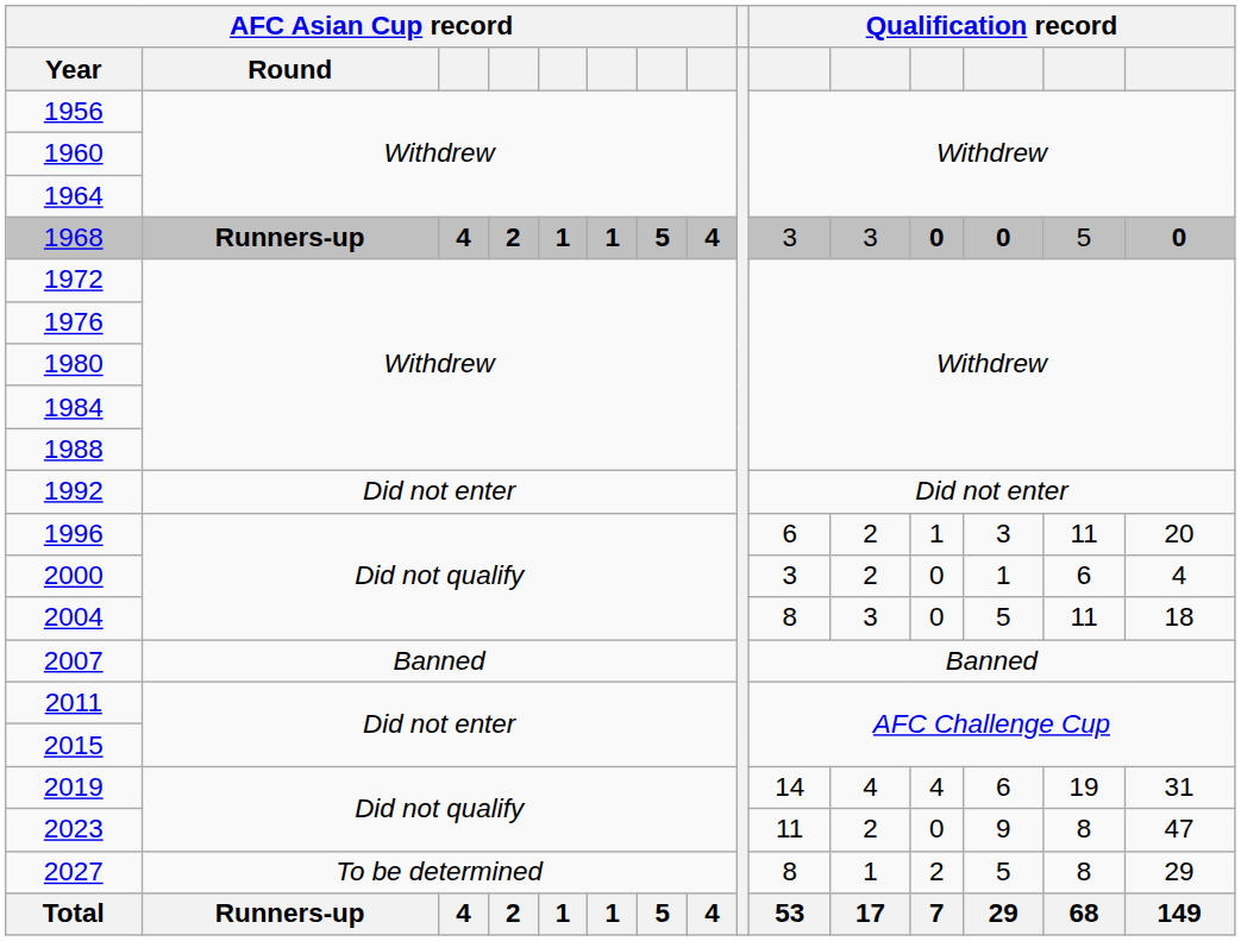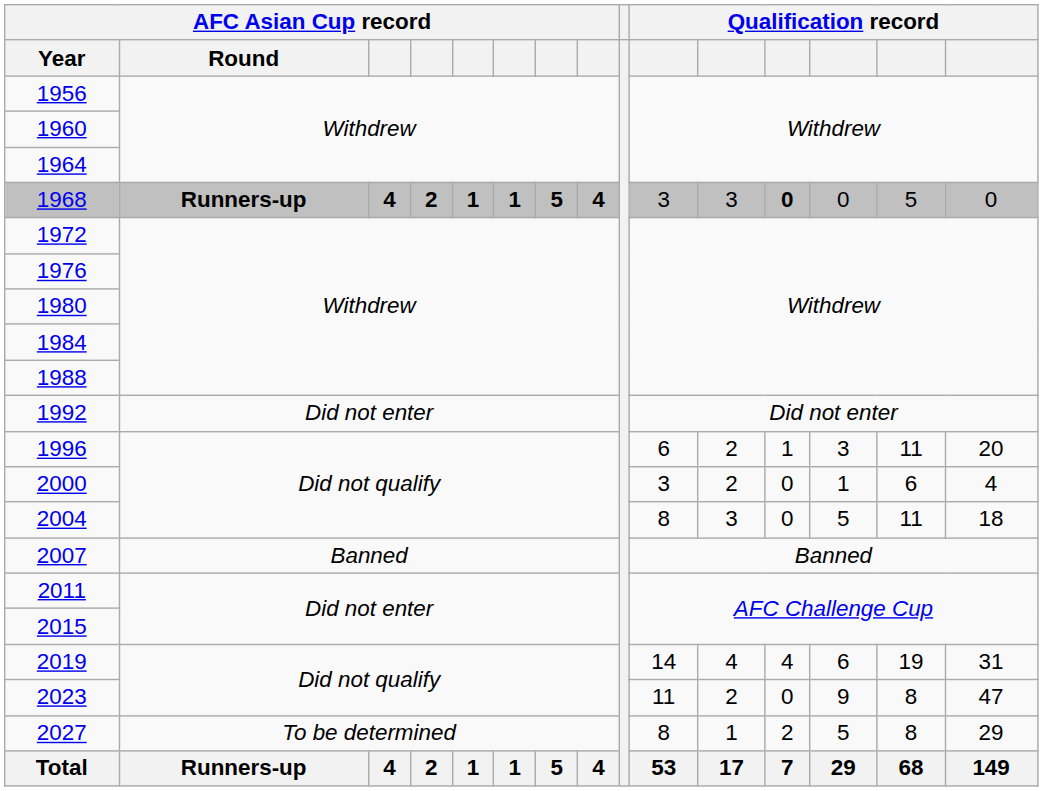 <table class="wikitable" style="text-align: center;font-size:100%;">
 <tr>
 <th colspan=8><a href='#'>AFC Asian Cup</a> record</th>
 <th></th>
 <th colspan="6"><a href='#'>Qualification</a> record</th>
 </tr>
 <tr>
 <th>Year</th>
 <th>Round</th>
 <th></th>
 <th></th>
 <th></th>
 <th></th>
 <th></th>
 <th></th>
 <th style="width:1%;" rowspan="21"></th>
 <th></th>
 <th></th>
 <th></th>
 <th></th>
 <th></th>
 <th></th>
 </tr>
 <tr>
 <td> <a href='#'>1956</a></td>
 <td rowspan="3" colspan="7"><em>Withdrew</em></td>
 <td rowspan="3" colspan="6"><em>Withdrew</em></td>
 </tr>
 <tr>
 <td> <a href='#'>1960</a></td>
 </tr>
 <tr>
 <td> <a href='#'>1964</a></td>
 </tr>
 <tr style="background:Silver;">
 <td> <a href='#'>1968</a></td>
 <td><strong>Runners-up</strong></td>
 <td><strong>4</strong></td>
 <td><strong>2</strong></td>
 <td><strong>1</strong></td>
 <td><strong>1</strong></td>
 <td><strong>5</strong></td>
 <td><strong>4</strong></td>
 <td>3</td>
 <td>3</td>
 <td><strong>0</strong></td>
-<td><strong>0</strong></td>
+<td>0</td>
 <td>5</td>
-<td><strong>0</strong></td>
+<td>0</td>
 </tr>
 <tr>
 <td> <a href='#'>1972</a></td>
 <td rowspan="5" colspan="7"><em>Withdrew</em></td>
 <td rowspan="5" colspan="6"><em>Withdrew</em></td>
 </tr>
 <tr>
 <td> <a href='#'>1976</a></td>
 </tr>
 <tr>
 <td> <a href='#'>1980</a></td>
 </tr>
 <tr>
 <td> <a href='#'>1984</a></td>
 </tr>
 <tr>
 <td> <a href='#'>1988</a></td>
 </tr>
 <tr>
 <td> <a href='#'>1992</a></td>
 <td colspan="7"><em>Did not enter</em></td>
 <td colspan="6"><em>Did not enter</em></td>
 </tr>
 <tr>
 <td> <a href='#'>1996</a></td>
 <td rowspan="3" colspan="7"><em>Did not qualify</em></td>
 <td>6</td>
 <td>2</td>
 <td>1</td>
 <td>3</td>
 <td>11</td>
 <td>20</td>
 </tr>
 <tr>
 <td> <a href='#'>2000</a></td>
 <td>3</td>
 <td>2</td>
 <td>0</td>
 <td>1</td>
 <td>6</td>
 <td>4</td>
 </tr>
 <tr>
 <td> <a href='#'>2004</a></td>
 <td>8</td>
 <td>3</td>
 <td>0</td>
 <td>5</td>
 <td>11</td>
 <td>18</td>
 </tr>
 <tr>
 <td>    <a href='#'>2007</a></td>
 <td colspan="7"><em>Banned</em></td>
 <td colspan="6"><em>Banned </em></td>
 </tr>
 <tr>
 <td> <a href='#'>2011</a></td>
 <td colspan="7" rowspan="2"><em>Did not enter</em></td>
 <td colspan="6" rowspan="2"><em><a href='#'>AFC Challenge Cup</a></em></td>
 </tr>
 <tr>
 <td> <a href='#'>2015</a></td>
 </tr>
 <tr>
 <td> <a href='#'>2019</a></td>
 <td colspan="7" rowspan="2"><em>Did not qualify</em></td>
 <td>14</td>
 <td>4</td>
 <td>4</td>
 <td>6</td>
 <td>19</td>
 <td>31</td>
 </tr>
 <tr>
 <td> <a href='#'>2023</a></td>
 <td>11</td>
 <td>2</td>
 <td>0</td>
 <td>9</td>
 <td>8</td>
 <td>47</td>
 </tr>
 <tr>
 <td> <a href='#'>2027</a></td>
 <td colspan="7"><em>To be determined</em></td>
 <td>8</td>
 <td>1</td>
 <td>2</td>
 <td>5</td>
 <td>8</td>
 <td>29</td>
 </tr>
 <tr>
 <th><strong>Total</strong></th>
 <th><strong>Runners-up</strong></th>
 <th><strong>4</strong></th>
 <th><strong>2</strong></th>
 <th><strong>1</strong></th>
 <th><strong>1</strong></th>
 <th><strong>5</strong></th>
 <th><strong>4</strong></th>
 <th><strong>53</strong></th>
 <th><strong>17</strong></th>
 <th><strong>7</strong></th>
 <th><strong>29</strong></th>
 <th><strong>68</strong></th>
 <th><strong>149</strong></th>
 </tr>
 </table>
